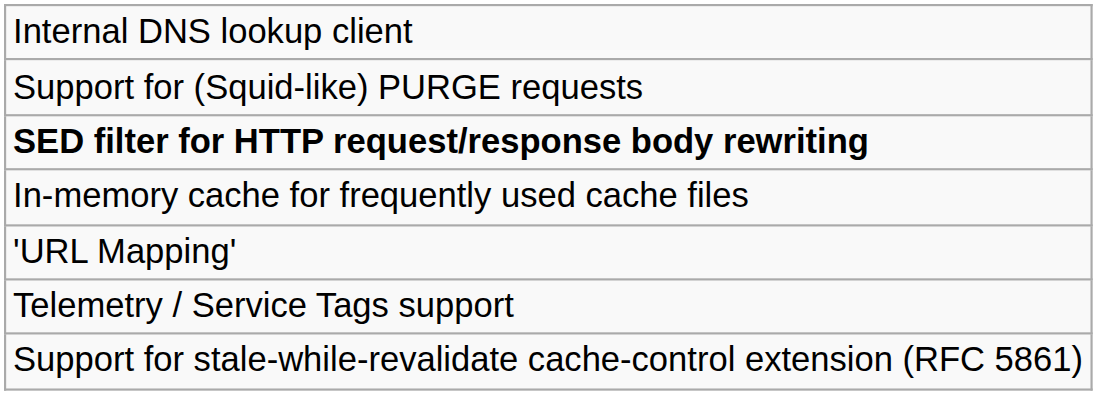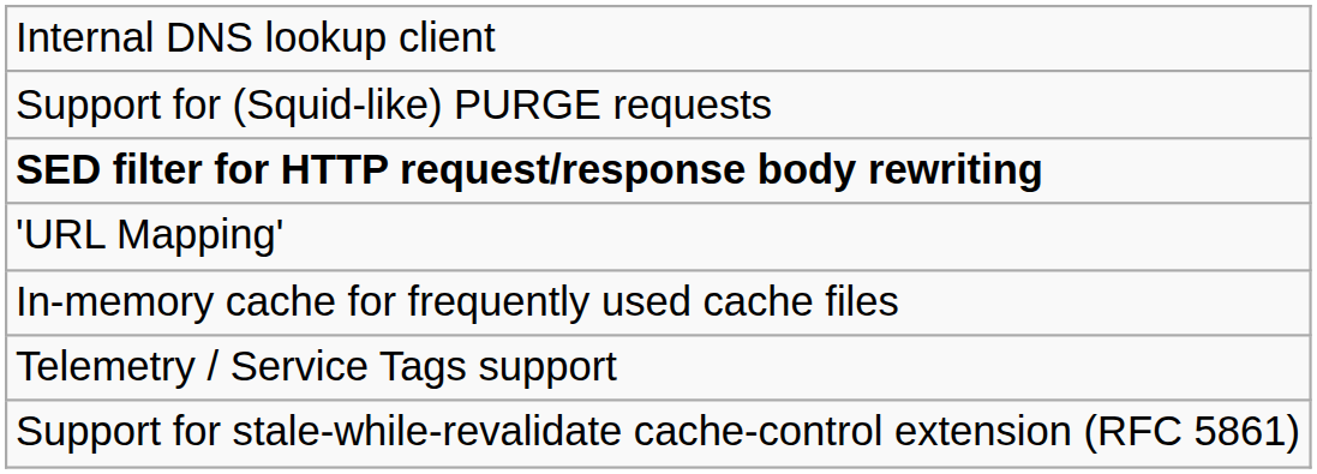 <table class="wikitable">
 <tr>
 <td>Internal DNS lookup client</td>
 </tr>
 <tr>
 <td>Support for (Squid-like) PURGE requests</td>
 </tr>
 <tr>
 <td><strong>SED filter for HTTP request/response body rewriting</strong></td>
 </tr>
 <tr>
-<td>In-memory cache for frequently used cache files</td>
+<td>'URL Mapping'</td>
 </tr>
 <tr>
-<td>'URL Mapping'</td>
+<td>In-memory cache for frequently used cache files</td>
 </tr>
 <tr>
 <td>Telemetry / Service Tags support</td>
 </tr>
 <tr>
 <td>Support for stale-while-revalidate cache-control extension (RFC 5861)</td>
 </tr>
 </table>
